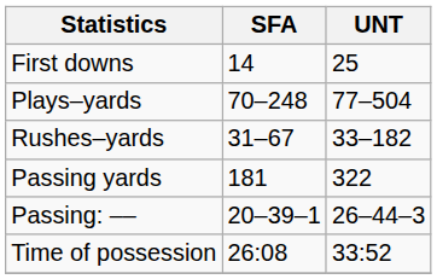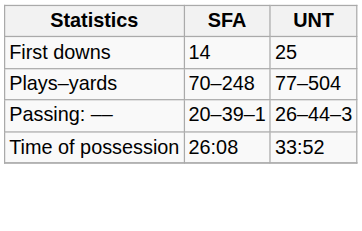 <table class="wikitable" style="float: left;">
 <tr>
 <th>Statistics</th>
 <th>SFA</th>
 <th>UNT</th>
 </tr>
 <tr>
 <td>First downs</td>
 <td>14</td>
 <td>25</td>
 </tr>
 <tr>
 <td>Plays–yards</td>
 <td>70–248</td>
 <td>77–504</td>
 </tr>
 <tr>
-<td>Rushes–yards</td>
-<td>31–67</td>
-<td>33–182</td>
-</tr>
-<tr>
-<td>Passing yards</td>
-<td>181</td>
-<td>322</td>
-</tr>
-<tr>
 <td>Passing: ––</td>
 <td>20–39–1</td>
 <td>26–44–3</td>
 </tr>
 <tr>
 <td>Time of possession</td>
 <td>26:08</td>
 <td>33:52</td>
 </tr>
 <tr>
 </tr>
 </table>
